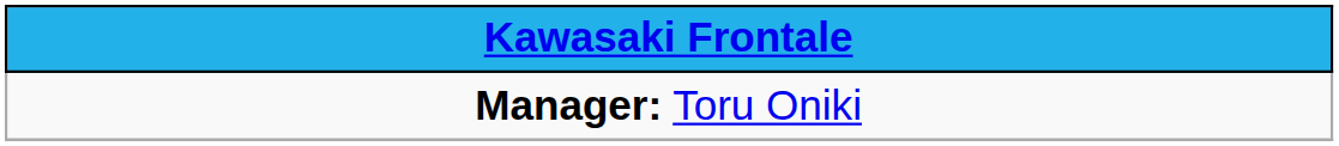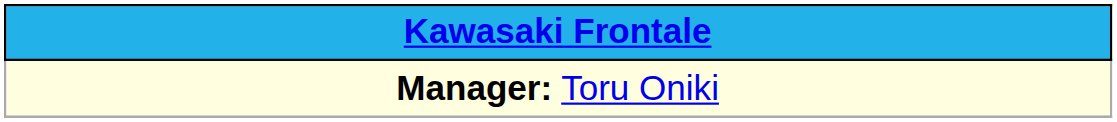 <table class="wikitable" style="width:40%; text-align:center">
 <tr>
 <th colspan="7" style="text-align:center;  background:#23B1EA;color:solid black;border:1px solid black;"> <a href='#'><span>Kawasaki Frontale</span></a></th>
 </tr>
 <tr>
-<td><strong>Manager:</strong>  <a href='#'>Toru Oniki</a></td>
+<td style="background: lightyellow;"><strong>Manager:</strong>  <a href='#'>Toru Oniki</a></td>
 </tr>
 <tr>
 </tr>
 </table>
